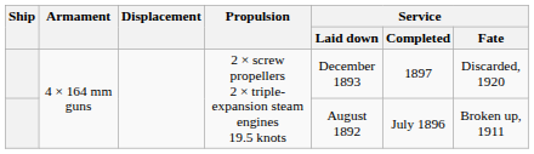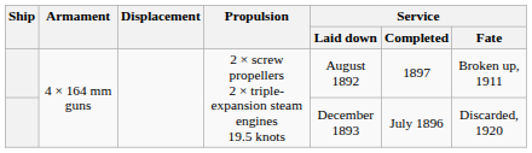 <table class="wikitable plainrowheaders" style="text-align: center;">
 <tr valign="top">
 <th scope="col" rowspan="2">Ship</th>
 <th scope="col" rowspan="2">Armament</th>
 <th scope="col" rowspan="2">Displacement</th>
 <th scope="col" rowspan="2">Propulsion</th>
 <th scope="col" colspan="3">Service</th>
 </tr>
 <tr valign="top">
 <th scope="col">Laid down</th>
 <th scope="col">Completed</th>
 <th scope="col">Fate</th>
 </tr>
 <tr valign="center">
 <th scope="row"></th>
 <td rowspan="2">4 × 164 mm guns</td>
 <td rowspan="2"></td>
 <td rowspan="2">2 × screw propellers<br>2 × triple-expansion steam engines<br>19.5 knots</td>
-<td>December 1893</td>
+<td>August 1892</td>
 <td>1897</td>
-<td>Discarded, 1920</td>
+<td>Broken up, 1911</td>
 </tr>
 <tr valign="center">
 <th scope="row"></th>
-<td>August 1892</td>
+<td>December 1893</td>
 <td>July 1896</td>
-<td>Broken up, 1911</td>
+<td>Discarded, 1920</td>
 </tr>
 </table>
